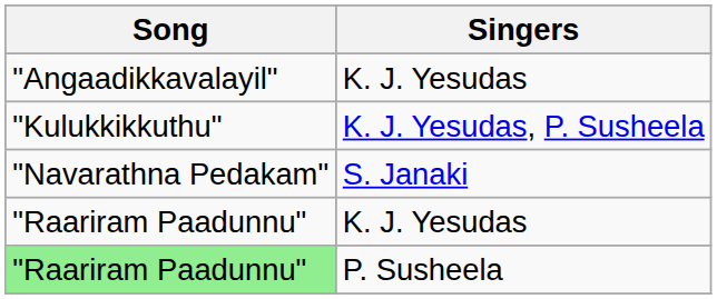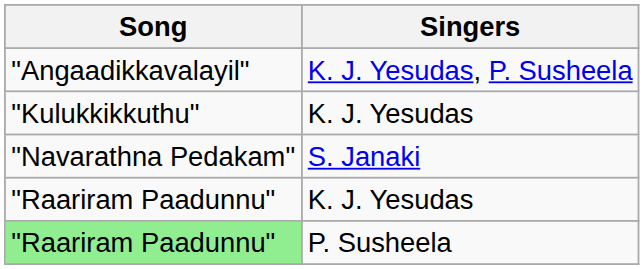 <table class="wikitable" style="font-size:95%;">
 <tr>
 <th>Song</th>
 <th>Singers</th>
 </tr>
 <tr>
 <td>"Angaadikkavalayil"</td>
-<td>K. J. Yesudas</td>
+<td><a href='#'>K. J. Yesudas</a>, <a href='#'>P. Susheela</a></td>
 </tr>
 <tr>
 <td>"Kulukkikkuthu"</td>
-<td><a href='#'>K. J. Yesudas</a>, <a href='#'>P. Susheela</a></td>
+<td>K. J. Yesudas</td>
 </tr>
 <tr>
 <td>"Navarathna Pedakam"</td>
 <td><a href='#'>S. Janaki</a></td>
 </tr>
 <tr>
 <td>"Raariram Paadunnu"</td>
 <td>K. J. Yesudas</td>
 </tr>
 <tr>
 <td style="background: lightgreen;">"Raariram Paadunnu"</td>
 <td>P. Susheela</td>
 </tr>
 </table>
